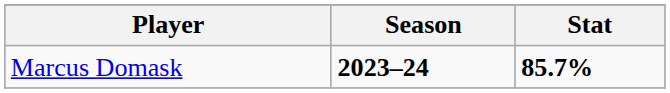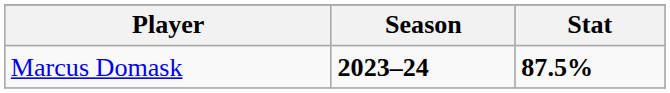 <table class="wikitable sortable" style="text-align: left; width: 65%">
 <tr>
 </tr>
 <tr>
 <th>Player</th>
 <th>Season</th>
 <th>Stat</th>
 </tr>
 <tr>
 <td><a href='#'>Marcus Domask</a></td>
 <td><strong>2023–24</strong></td>
-<td><strong>85.7%</strong></td>
+<td><strong>87.5%</strong></td>
 </tr>
 </table>
